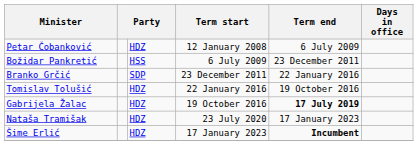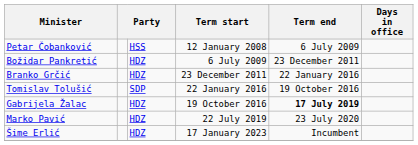 <table class="wikitable" style="text-align: left;">
 <tr>
 <th width="160">Minister</th>
 <th colspan=2 width="80">Party</th>
 <th width="130">Term start</th>
 <th width="130">Term end</th>
 <th width=70>Days<br> in office</th>
 </tr>
 <tr>
 <td><a href='#'>Petar Čobanković</a> </td>
 <td style="background-color: "></td>
-<td><a href='#'>HDZ</a></td>
+<td><a href='#'>HSS</a></td>
 <td align=right>12 January 2008</td>
 <td align=right>6 July 2009</td>
 <td align=right></td>
 </tr>
 <tr>
 <td><a href='#'>Božidar Pankretić</a> </td>
 <td style="background-color: "></td>
-<td><a href='#'>HSS</a></td>
+<td><a href='#'>HDZ</a></td>
 <td align=right>6 July 2009</td>
 <td align=right>23 December 2011</td>
 <td align=right></td>
 </tr>
 <tr>
 <td><a href='#'>Branko Grčić</a></td>
 <td style="background-color: "></td>
-<td><a href='#'>SDP</a></td>
+<td><a href='#'>HDZ</a></td>
 <td align=right>23 December 2011</td>
 <td align=right>22 January 2016</td>
 <td align=right></td>
 </tr>
 <tr>
 <td><a href='#'>Tomislav Tolušić</a></td>
 <td style="background-color: "></td>
-<td><a href='#'>HDZ</a></td>
+<td><a href='#'>SDP</a></td>
 <td align=right>22 January 2016</td>
 <td align=right>19 October 2016</td>
 <td align=right></td>
 </tr>
 <tr>
 <td><a href='#'>Gabrijela Žalac</a></td>
 <td style="background-color: "></td>
 <td><a href='#'>HDZ</a></td>
 <td align=right>19 October 2016</td>
 <td align=right><strong>17 July 2019</strong></td>
 <td align=right></td>
 </tr>
 <tr>
-<td><a href='#'>Nataša Tramišak</a></td>
+<td><a href='#'>Marko Pavić</a></td>
 <td style="background-color: "></td>
 <td><a href='#'>HDZ</a></td>
+<td align=right>22 July 2019</td>
 <td align=right>23 July 2020</td>
-<td align=right>17 January 2023</td>
 <td align=right></td>
 </tr>
 <tr>
 <td><a href='#'>Šime Erlić</a></td>
 <td style="background-color: "></td>
 <td><a href='#'>HDZ</a></td>
 <td align=right>17 January 2023</td>
-<td align=right><strong>Incumbent</strong></td>
+<td align=right>Incumbent</td>
 <td align=right></td>
 </tr>
 <tr>
 </tr>
 </table>
